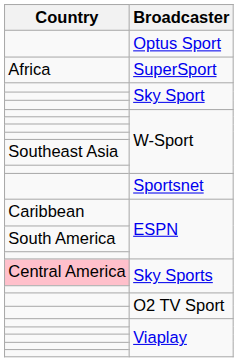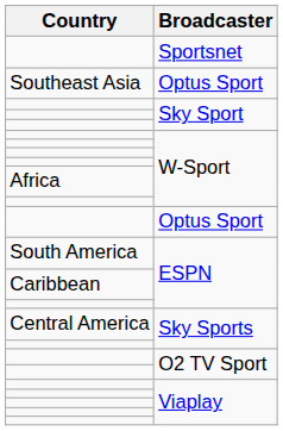 <table class="wikitable">
 <tr>
 <th>Country</th>
 <th>Broadcaster</th>
 </tr>
 <tr>
 <td></td>
-<td><a href='#'>Optus Sport</a></td>
+<td><a href='#'>Sportsnet</a></td>
 </tr>
 <tr>
-<td>Africa</td>
-<td><a href='#'>SuperSport</a></td>
+<td>Southeast Asia</td>
+<td><a href='#'>Optus Sport</a></td>
 </tr>
 <tr>
 <td></td>
 <td rowspan="3"><a href='#'>Sky Sport</a></td>
 </tr>
 <tr>
 <td></td>
 </tr>
 <tr>
 <td></td>
 </tr>
 <tr>
 <td></td>
 <td rowspan="6">W-Sport</td>
 </tr>
 <tr>
 <td></td>
 </tr>
 <tr>
 <td></td>
 </tr>
 <tr>
 <td></td>
 </tr>
 <tr>
-<td>Southeast Asia</td>
+<td>Africa</td>
 </tr>
 <tr>
 <td></td>
 </tr>
 <tr>
 <td></td>
-<td><a href='#'>Sportsnet</a></td>
+<td><a href='#'>Optus Sport</a></td>
+</tr>
+<tr>
+<td>South America</td>
+<td rowspan="3"><a href='#'>ESPN</a></td>
 </tr>
 <tr>
 <td>Caribbean</td>
-<td rowspan="3"><a href='#'>ESPN</a></td>
-</tr>
-<tr>
-<td>South America</td>
 </tr>
 <tr>
 <td></td>
 </tr>
 <tr>
-<td style="background: pink;">Central America</td>
+<td>Central America</td>
 <td rowspan="2"><a href='#'>Sky Sports</a></td>
 </tr>
 <tr>
 <td></td>
 </tr>
 <tr>
 <td></td>
 <td rowspan="2">O2 TV Sport</td>
 </tr>
 <tr>
 <td></td>
 </tr>
 <tr>
 <td></td>
 <td rowspan="5"><a href='#'>Viaplay</a></td>
 </tr>
 <tr>
 <td></td>
 </tr>
 <tr>
 <td></td>
 </tr>
 <tr>
 <td></td>
 </tr>
 <tr>
 <td></td>
 </tr>
 </table>
